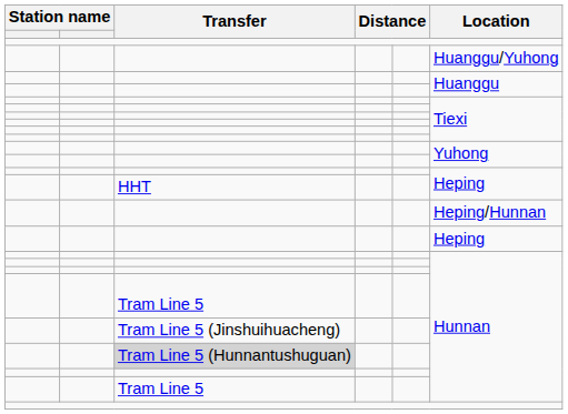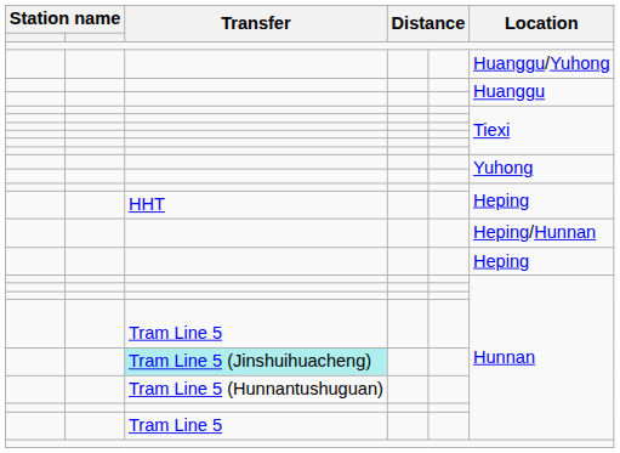 <table class="wikitable">
 <tr>
 <th colspan=2>Station name</th>
 <th rowspan=2>Transfer</th>
 <th colspan="2" rowspan="2">Distance<br></th>
 <th rowspan=2>Location</th>
 </tr>
 <tr>
 <th></th>
 <th></th>
 </tr>
 <tr style="background:#">
 <td colspan = "7"></td>
 </tr>
 <tr>
 <td></td>
 <td></td>
 <td></td>
 <td></td>
 <td></td>
 <td><a href='#'>Huanggu</a>/<a href='#'>Yuhong</a></td>
 </tr>
 <tr>
 <td></td>
 <td></td>
 <td></td>
 <td></td>
 <td></td>
 <td rowspan="2"><a href='#'>Huanggu</a></td>
 </tr>
 <tr>
 <td></td>
 <td></td>
 <td></td>
 <td></td>
 <td></td>
 </tr>
 <tr>
 <td></td>
 <td></td>
 <td></td>
 <td></td>
 <td></td>
 <td rowspan="6"><a href='#'>Tiexi</a></td>
 </tr>
 <tr>
 <td></td>
 <td></td>
 <td></td>
 <td></td>
 <td></td>
 </tr>
 <tr>
 <td></td>
 <td></td>
 <td></td>
 <td></td>
 <td></td>
 </tr>
 <tr>
 <td></td>
 <td></td>
 <td></td>
 <td></td>
 <td></td>
 </tr>
 <tr>
 <td></td>
 <td></td>
 <td></td>
 <td></td>
 <td></td>
 </tr>
 <tr>
 <td></td>
 <td></td>
 <td></td>
 <td></td>
 <td></td>
 </tr>
 <tr>
 <td></td>
 <td></td>
 <td></td>
 <td></td>
 <td></td>
 <td rowspan="2"><a href='#'>Yuhong</a></td>
 </tr>
 <tr>
 <td></td>
 <td></td>
 <td></td>
 <td></td>
 <td></td>
 </tr>
 <tr>
 <td></td>
 <td></td>
 <td></td>
 <td></td>
 <td></td>
 <td rowspan="2"><a href='#'>Heping</a></td>
 </tr>
 <tr>
 <td></td>
 <td></td>
 <td> <a href='#'>HHT</a></td>
 <td></td>
 <td></td>
 </tr>
 <tr>
 <td></td>
 <td></td>
 <td></td>
 <td></td>
 <td></td>
 <td><a href='#'>Heping</a>/<a href='#'>Hunnan</a></td>
 </tr>
 <tr>
 <td></td>
 <td></td>
 <td></td>
 <td></td>
 <td></td>
 <td><a href='#'>Heping</a></td>
 </tr>
 <tr>
 <td></td>
 <td></td>
 <td></td>
 <td></td>
 <td></td>
 <td rowspan="8"><a href='#'>Hunnan</a></td>
 </tr>
 <tr>
 <td></td>
 <td></td>
 <td></td>
 <td></td>
 <td></td>
 </tr>
 <tr>
 <td></td>
 <td></td>
 <td></td>
 <td></td>
 <td></td>
 </tr>
 <tr>
 <td></td>
 <td></td>
 <td><br> <a href='#'>Tram Line 5</a></td>
 <td></td>
 <td></td>
 </tr>
 <tr>
 <td></td>
 <td></td>
-<td> <a href='#'>Tram Line 5</a> (Jinshuihuacheng)</td>
+<td style="background: paleturquoise;"> <a href='#'>Tram Line 5</a> (Jinshuihuacheng)</td>
 <td></td>
 <td></td>
 </tr>
 <tr>
 <td></td>
 <td></td>
-<td style="background: lightgrey;"> <a href='#'>Tram Line 5</a> (Hunnantushuguan)</td>
+<td> <a href='#'>Tram Line 5</a> (Hunnantushuguan)</td>
 <td></td>
 <td></td>
 </tr>
 <tr>
 <td></td>
 <td></td>
 <td></td>
 <td></td>
 <td></td>
 </tr>
 <tr>
 <td></td>
 <td></td>
 <td> <a href='#'>Tram Line 5</a></td>
 <td></td>
 <td></td>
 </tr>
 <tr style="background:#">
 <td colspan = "7"></td>
 </tr>
 </table>
